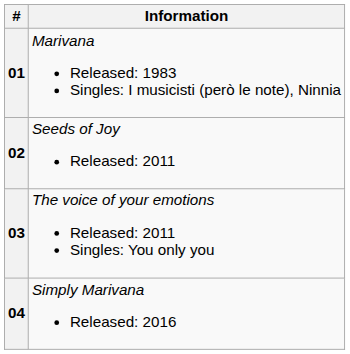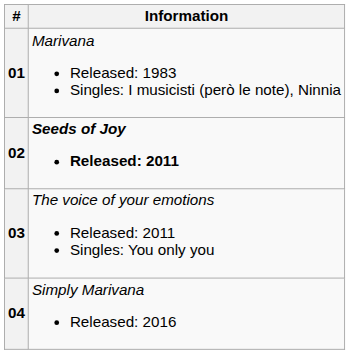 <table class="wikitable">
 <tr>
 <th align="left">#</th>
 <th align="left">Information</th>
 </tr>
 <tr>
 <th align="left">01</th>
 <td align="left"><em>Marivana</em><br><ul><li>Released: 1983</li><li>Singles: I musicisti (però le note), Ninnia</li></ul></td>
 </tr>
 <tr>
 <th align="left">02</th>
-<td align="left"><em>Seeds of Joy</em><br><ul><li>Released: 2011</li></ul></td>
+<td align="left"><strong><em>Seeds of Joy</em><br><ul><li>Released: 2011</li></ul></strong></td>
 </tr>
 <tr>
 <th align="left">03</th>
 <td align="left"><em>The voice of your emotions</em><br><ul><li>Released: 2011</li><li>Singles: You only you</li></ul></td>
 </tr>
 <tr>
 <th align="left">04</th>
 <td align="left"><em>Simply Marivana</em><br><ul><li>Released: 2016</li></ul></td>
 </tr>
 </table>
